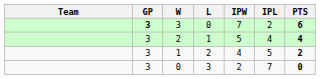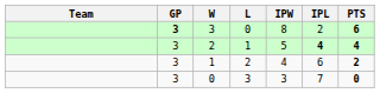 <table class="wikitable" style="text-align: center">
 <tr>
 <th style="width: 188px">Team</th>
 <th style="width: 40px">GP</th>
 <th style="width: 40px">W</th>
 <th style="width: 40px">L</th>
 <th style="width: 40px">IPW</th>
 <th style="width: 40px">IPL</th>
 <th style="width: 40px">PTS</th>
 </tr>
 <tr style="background: #ccffcc">
 <td style="text-align: left"></td>
 <td><strong>3</strong></td>
 <td>3</td>
 <td>0</td>
-<td>7</td>
+<td>8</td>
 <td>2</td>
 <td><strong>6</strong></td>
 </tr>
 <tr style="background: #ccffcc">
 <td style="text-align: left"></td>
 <td>3</td>
 <td>2</td>
 <td>1</td>
 <td>5</td>
-<td>4</td>
+<td><strong>4</strong></td>
 <td><strong>4</strong></td>
 </tr>
 <tr>
 <td style="text-align: left"></td>
 <td>3</td>
 <td>1</td>
 <td>2</td>
 <td>4</td>
-<td>5</td>
+<td>6</td>
 <td><strong>2</strong></td>
 </tr>
 <tr>
 <td style="text-align: left"></td>
 <td>3</td>
 <td>0</td>
 <td>3</td>
-<td>2</td>
+<td>3</td>
 <td>7</td>
 <td><strong>0</strong></td>
 </tr>
 </table>
